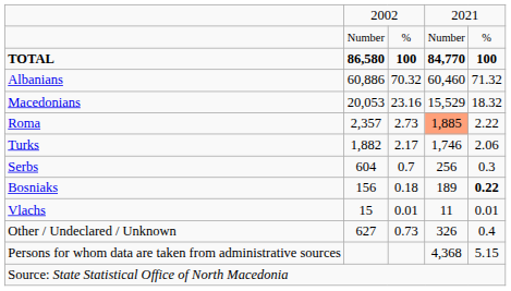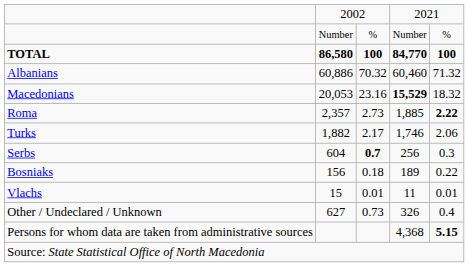 <table class="wikitable">
 <tr>
 <td></td>
 <td colspan="2" align="center">2002</td>
 <td colspan="2" align="center">2021</td>
 </tr>
 <tr>
 <td></td>
 <td align="center"><small>Number</small></td>
 <td align="center"><small>%</small></td>
 <td align="center"><small>Number</small></td>
 <td align="center"><small>%</small></td>
 </tr>
 <tr>
 <td><strong>TOTAL</strong></td>
 <td align="center"><strong>86,580</strong></td>
 <td align="center"><strong>100</strong></td>
 <td align="center"><strong>84,770</strong></td>
 <td align="center"><strong>100</strong></td>
 </tr>
 <tr>
 <td><a href='#'>Albanians</a></td>
 <td align="center">60,886</td>
 <td align="center">70.32</td>
 <td align="center">60,460</td>
 <td align="center">71.32</td>
 </tr>
 <tr>
 <td><a href='#'>Macedonians</a></td>
 <td align="center">20,053</td>
 <td align="center">23.16</td>
-<td align="center">15,529</td>
+<td align="center"><strong>15,529</strong></td>
 <td align="center">18.32</td>
 </tr>
 <tr>
 <td><a href='#'>Roma</a></td>
 <td align="center">2,357</td>
 <td align="center">2.73</td>
-<td align="center" style="background: lightsalmon;">1,885</td>
-<td align="center">2.22</td>
+<td align="center">1,885</td>
+<td align="center"><strong>2.22</strong></td>
 </tr>
 <tr>
 <td><a href='#'>Turks</a></td>
 <td align="center">1,882</td>
 <td align="center">2.17</td>
 <td align="center">1,746</td>
 <td align="center">2.06</td>
 </tr>
 <tr>
 <td><a href='#'>Serbs</a></td>
 <td align="center">604</td>
-<td align="center">0.7</td>
+<td align="center"><strong>0.7</strong></td>
 <td align="center">256</td>
 <td align="center">0.3</td>
 </tr>
 <tr>
 <td><a href='#'>Bosniaks</a></td>
 <td align="center">156</td>
 <td align="center">0.18</td>
 <td align="center">189</td>
-<td align="center"><strong>0.22</strong></td>
+<td align="center">0.22</td>
 </tr>
 <tr>
 <td><a href='#'>Vlachs</a></td>
 <td align="center">15</td>
 <td align="center">0.01</td>
 <td align="center">11</td>
 <td align="center">0.01</td>
 </tr>
 <tr>
 <td>Other / Undeclared / Unknown</td>
 <td align="center">627</td>
 <td align="center">0.73</td>
 <td align="center">326</td>
 <td align="center">0.4</td>
 </tr>
 <tr>
 <td>Persons for whom data are taken from administrative sources</td>
 <td align="center"></td>
 <td align="center"></td>
 <td align="center">4,368</td>
-<td align="center">5.15</td>
+<td align="center"><strong>5.15</strong></td>
 </tr>
 <tr>
 <td colspan="6" align="left">Source:  <em>State Statistical Office of North Macedonia</em></td>
 </tr>
 </table>
